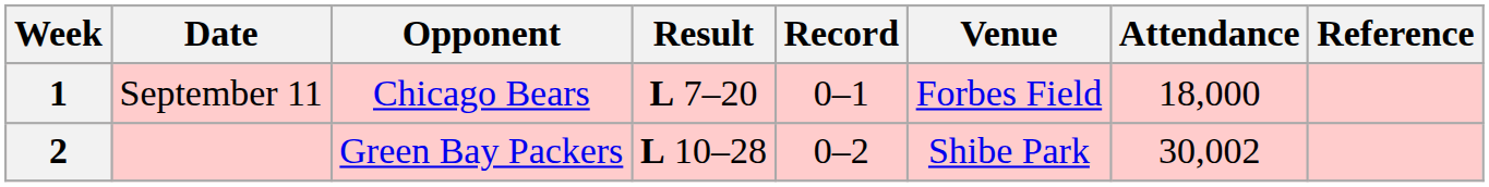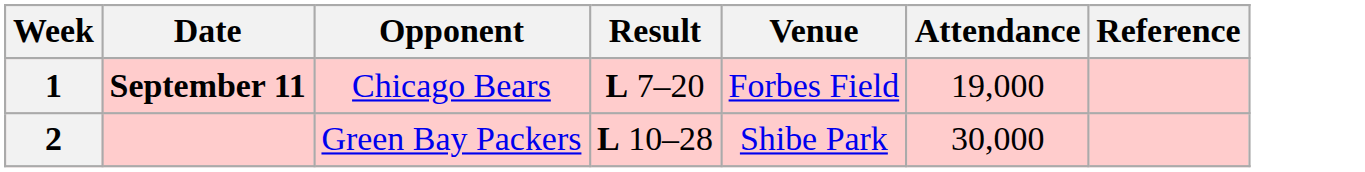 <table class="wikitable" style="text-align:center">
 <tr>
 <th>Week</th>
 <th>Date</th>
 <th>Opponent</th>
 <th>Result</th>
-<th>Record</th>
 <th>Venue</th>
 <th>Attendance</th>
 <th>Reference</th>
 </tr>
 <tr style="background:#fcc">
 <th>1</th>
-<td>September 11</td>
+<td><strong>September 11</strong></td>
 <td><a href='#'>Chicago Bears</a></td>
 <td><strong>L</strong> 7–20</td>
-<td>0–1</td>
 <td><a href='#'>Forbes Field</a></td>
-<td>18,000</td>
+<td>19,000</td>
 <td></td>
 </tr>
 <tr style="background:#fcc">
 <th>2</th>
 <td></td>
 <td><a href='#'>Green Bay Packers</a></td>
 <td><strong>L</strong> 10–28</td>
-<td>0–2</td>
 <td><a href='#'>Shibe Park</a></td>
-<td>30,002</td>
+<td>30,000</td>
 <td></td>
 </tr>
 </table>
